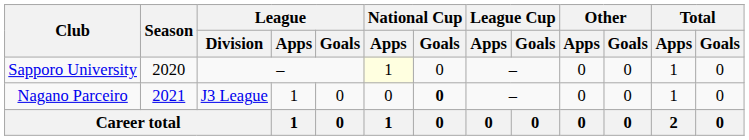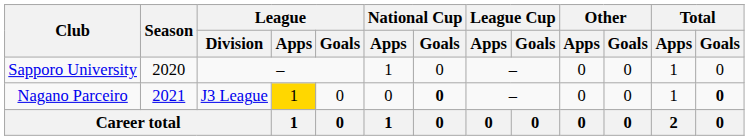 <table class="wikitable" style="text-align: center">
 <tr>
 <th rowspan="2">Club</th>
 <th rowspan="2">Season</th>
 <th colspan="3">League</th>
 <th colspan="2">National Cup</th>
 <th colspan="2">League Cup</th>
 <th colspan="2">Other</th>
 <th colspan="2">Total</th>
 </tr>
 <tr>
 <th>Division</th>
 <th>Apps</th>
 <th>Goals</th>
 <th>Apps</th>
 <th>Goals</th>
 <th>Apps</th>
 <th>Goals</th>
 <th>Apps</th>
 <th>Goals</th>
 <th>Apps</th>
 <th>Goals</th>
 </tr>
 <tr>
 <td><a href='#'>Sapporo University</a></td>
 <td>2020</td>
 <td colspan="3">–</td>
-<td style="background: lightyellow;">1</td>
+<td>1</td>
 <td>0</td>
 <td colspan="2">–</td>
 <td>0</td>
 <td>0</td>
 <td>1</td>
 <td>0</td>
 </tr>
 <tr>
 <td><a href='#'>Nagano Parceiro</a></td>
 <td><a href='#'>2021</a></td>
 <td><a href='#'>J3 League</a></td>
-<td>1</td>
+<td style="background: gold;">1</td>
 <td>0</td>
 <td>0</td>
 <td><strong>0</strong></td>
 <td colspan="2">–</td>
 <td>0</td>
 <td>0</td>
 <td>1</td>
-<td>0</td>
+<td><strong>0</strong></td>
 </tr>
 <tr>
 <th colspan=3>Career total</th>
 <th>1</th>
 <th>0</th>
 <th>1</th>
 <th>0</th>
 <th>0</th>
 <th>0</th>
 <th>0</th>
 <th>0</th>
 <th>2</th>
 <th>0</th>
 </tr>
 </table>
